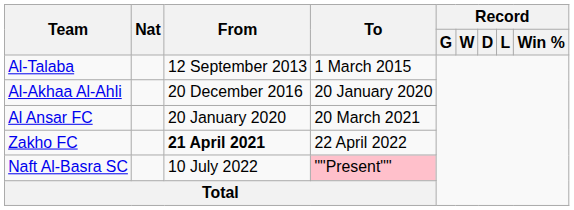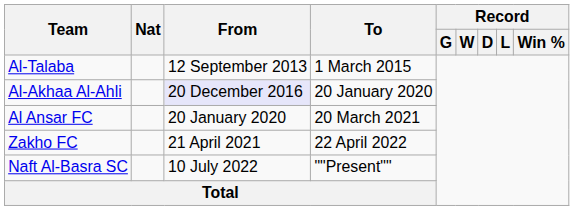 <table class="wikitable" style="text-align: center">
 <tr>
 <th rowspan="2">Team</th>
 <th rowspan="2">Nat</th>
 <th rowspan="2">From</th>
 <th rowspan="2">To</th>
 <th colspan="10">Record</th>
 </tr>
 <tr>
 <th>G</th>
 <th>W</th>
 <th>D</th>
 <th>L</th>
 <th>Win %</th>
 </tr>
 <tr>
 <td align=left><a href='#'>Al-Talaba</a></td>
 <td></td>
 <td align=left>12 September 2013</td>
 <td align=left>1 March 2015<br></td>
 </tr>
 <tr>
 <td align=left><a href='#'>Al-Akhaa Al-Ahli</a></td>
 <td></td>
-<td align=left>20 December 2016</td>
+<td align=left style="background: lavender;">20 December 2016</td>
 <td align=left>20 January 2020<br></td>
 </tr>
 <tr>
 <td align=left><a href='#'>Al Ansar FC</a></td>
 <td></td>
 <td align=left>20 January 2020</td>
 <td align=left>20 March 2021<br></td>
 </tr>
 <tr>
 <td align=left><a href='#'>Zakho FC</a></td>
 <td></td>
-<td align=left><strong>21 April 2021</strong></td>
+<td align=left>21 April 2021</td>
 <td align=left>22 April 2022<br></td>
 </tr>
 <tr>
 <td align=left><a href='#'>Naft Al-Basra SC</a></td>
 <td></td>
 <td align=left>10 July 2022</td>
-<td align=left style="background: pink;">""Present""<br></td>
+<td align=left>""Present""<br></td>
 </tr>
 <tr>
 <th colspan="4" align="center" valign=middle>Total<br></th>
 </tr>
 </table>
